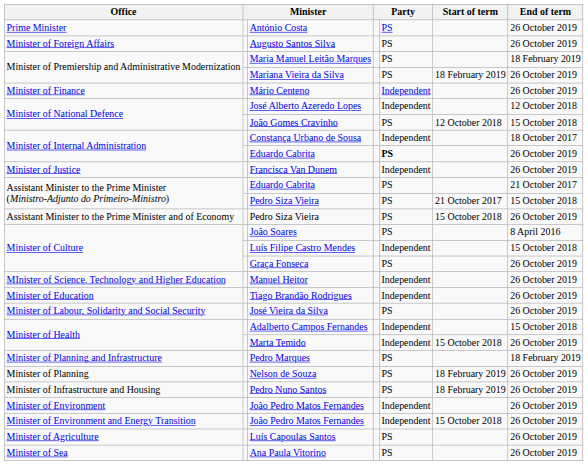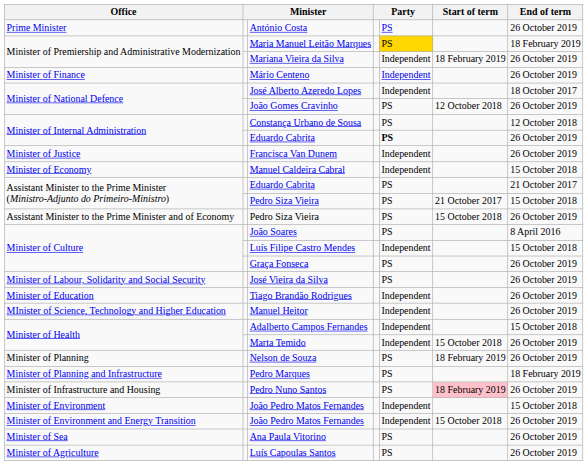 <table class="wikitable" style="font-size: 100%;">
 <tr>
 <th>Office</th>
 <th colspan="2">Minister</th>
 <th colspan="2">Party</th>
 <th>Start of term</th>
 <th>End of term</th>
 </tr>
 <tr>
 <td><a href='#'>Prime Minister</a></td>
 <td></td>
 <td><a href='#'>António Costa</a></td>
 <td width="2px" style="background:"></td>
 <td><a href='#'>PS</a></td>
 <td></td>
 <td>26 October 2019</td>
 </tr>
 <tr>
-<td><a href='#'>Minister of Foreign Affairs</a></td>
-<td></td>
-<td><a href='#'>Augusto Santos Silva</a></td>
-<td width="2px" style="background:"></td>
-<td>PS</td>
-<td></td>
-<td>26 October 2019</td>
-</tr>
-<tr>
 <td rowspan="2">Minister of Premiership and Administrative Modernization</td>
 <td></td>
 <td><a href='#'>Maria Manuel Leitão Marques</a></td>
 <td width="2px" style="background:"></td>
-<td>PS</td>
+<td style="background: gold;">PS</td>
 <td></td>
 <td>18 February 2019</td>
 </tr>
 <tr>
 <td></td>
 <td><a href='#'>Mariana Vieira da Silva</a></td>
 <td width="2px" style="background:"></td>
-<td>PS</td>
+<td>Independent</td>
 <td>18 February 2019</td>
 <td>26 October 2019</td>
 </tr>
 <tr>
 <td><a href='#'>Minister of Finance</a></td>
 <td></td>
 <td><a href='#'>Mário Centeno</a></td>
 <td width="2px" style="background:"></td>
 <td><a href='#'>Independent</a></td>
 <td></td>
 <td>26 October 2019</td>
 </tr>
 <tr>
 <td rowspan="2"><a href='#'>Minister of National Defence</a></td>
 <td></td>
 <td><a href='#'>José Alberto Azeredo Lopes</a></td>
 <td width="2px" style="background:"></td>
 <td>Independent</td>
 <td></td>
-<td>12 October 2018</td>
+<td>18 October 2017</td>
 </tr>
 <tr>
 <td></td>
 <td><a href='#'>João Gomes Cravinho</a></td>
 <td width="2px" style="background:"></td>
 <td>PS</td>
 <td>12 October 2018</td>
-<td>15 October 2018</td>
+<td>26 October 2019</td>
 </tr>
 <tr>
 <td rowspan="2"><a href='#'>Minister of Internal Administration</a></td>
 <td></td>
 <td><a href='#'>Constança Urbano de Sousa</a></td>
 <td width="2px" style="background:"></td>
-<td>Independent</td>
+<td>PS</td>
 <td></td>
-<td>18 October 2017</td>
+<td>12 October 2018</td>
 </tr>
 <tr>
 <td></td>
 <td><a href='#'>Eduardo Cabrita</a></td>
 <td width="2px" style="background:"></td>
 <td><strong>PS</strong></td>
 <td></td>
 <td>26 October 2019</td>
 </tr>
 <tr>
 <td><a href='#'>Minister of Justice</a></td>
 <td></td>
 <td><a href='#'>Francisca Van Dunem</a></td>
 <td width="2px" style="background:"></td>
 <td>Independent</td>
 <td></td>
 <td>26 October 2019</td>
+</tr>
+<tr>
+<td><a href='#'>Minister of Economy</a></td>
+<td></td>
+<td><a href='#'>Manuel Caldeira Cabral</a></td>
+<td width="2px" style="background:"></td>
+<td>Independent</td>
+<td></td>
+<td>15 October 2018</td>
 </tr>
 <tr>
 <td rowspan="2">Assistant Minister to the Prime Minister<br>(<em>Ministro-Adjunto do Primeiro-Ministro</em>) </td>
 <td></td>
 <td><a href='#'>Eduardo Cabrita</a></td>
 <td width="2px" style="background:"></td>
 <td>PS</td>
 <td></td>
 <td>21 October 2017</td>
 </tr>
 <tr>
 <td></td>
 <td><a href='#'>Pedro Siza Vieira</a></td>
 <td width="2px" style="background:"></td>
 <td>PS</td>
 <td>21 October 2017</td>
 <td>15 October 2018</td>
 </tr>
 <tr>
 <td>Assistant Minister to the Prime Minister and of Economy</td>
 <td></td>
 <td>Pedro Siza Vieira</td>
 <td width="2px" style="background:"></td>
 <td>PS</td>
 <td>15 October 2018</td>
 <td>26 October 2019</td>
 </tr>
 <tr>
 <td rowspan="3"><a href='#'>Minister of Culture</a></td>
 <td></td>
 <td><a href='#'>João Soares</a></td>
 <td width="2px" style="background:"></td>
 <td>PS</td>
 <td></td>
 <td>8 April 2016</td>
 </tr>
 <tr>
 <td></td>
 <td><a href='#'>Luís Filipe Castro Mendes</a></td>
 <td width="2px" style="background:"></td>
 <td>Independent</td>
 <td></td>
 <td>15 October 2018</td>
 </tr>
 <tr>
 <td></td>
 <td><a href='#'>Graça Fonseca</a></td>
 <td width="2px" style="background:"></td>
 <td>PS</td>
 <td></td>
 <td>26 October 2019</td>
 </tr>
 <tr>
-<td><a href='#'>MInister of Science, Technology and Higher Education</a></td>
+<td><a href='#'>Minister of Labour, Solidarity and Social Security</a></td>
 <td></td>
-<td><a href='#'>Manuel Heitor</a></td>
+<td><a href='#'>José  Vieira da Silva</a></td>
 <td width="2px" style="background:"></td>
-<td>Independent</td>
+<td>PS</td>
 <td></td>
 <td>26 October 2019</td>
 </tr>
 <tr>
 <td><a href='#'>Minister of Education</a></td>
 <td></td>
 <td><a href='#'>Tiago Brandão Rodrigues</a></td>
 <td width="2px" style="background:"></td>
 <td>Independent</td>
 <td></td>
 <td>26 October 2019</td>
 </tr>
 <tr>
-<td><a href='#'>Minister of Labour, Solidarity and Social Security</a></td>
+<td><a href='#'>MInister of Science, Technology and Higher Education</a></td>
 <td></td>
-<td><a href='#'>José  Vieira da Silva</a></td>
+<td><a href='#'>Manuel Heitor</a></td>
 <td width="2px" style="background:"></td>
-<td>PS</td>
+<td>Independent</td>
 <td></td>
 <td>26 October 2019</td>
 </tr>
 <tr>
 <td rowspan="2"><a href='#'>Minister of Health</a></td>
 <td></td>
 <td><a href='#'>Adalberto Campos Fernandes</a></td>
 <td width="2px" style="background:"></td>
 <td>Independent</td>
 <td></td>
 <td>15 October 2018</td>
 </tr>
 <tr>
 <td></td>
 <td><a href='#'>Marta Temido</a></td>
 <td width="2px" style="background:"></td>
 <td>Independent</td>
 <td>15 October 2018</td>
 <td>26 October 2019</td>
 </tr>
 <tr>
+<td>Minister of Planning</td>
+<td></td>
+<td><a href='#'>Nelson de Souza</a></td>
+<td width="2px" style="background:"></td>
+<td>PS</td>
+<td>18 February 2019</td>
+<td>26 October 2019</td>
+</tr>
+<tr>
 <td><a href='#'>Minister of Planning and Infrastructure</a></td>
 <td></td>
 <td><a href='#'>Pedro Marques</a></td>
 <td width="2px" style="background:"></td>
 <td>PS</td>
 <td></td>
 <td>18 February 2019</td>
 </tr>
 <tr>
-<td>Minister of Planning</td>
-<td></td>
-<td><a href='#'>Nelson de Souza</a></td>
-<td width="2px" style="background:"></td>
-<td>PS</td>
-<td>18 February 2019</td>
-<td>26 October 2019</td>
-</tr>
-<tr>
 <td>Minister of Infrastructure and Housing</td>
 <td></td>
 <td><a href='#'>Pedro Nuno Santos</a></td>
 <td width="2px" style="background:"></td>
 <td>PS</td>
-<td>18 February 2019</td>
+<td style="background: pink;">18 February 2019</td>
 <td>26 October 2019</td>
 </tr>
 <tr>
 <td><a href='#'>Minister of Environment</a></td>
 <td></td>
 <td><a href='#'>João Pedro Matos Fernandes</a></td>
 <td width="2px" style="background:"></td>
 <td>Independent</td>
 <td></td>
-<td>26 October 2019</td>
+<td>15 October 2018</td>
 </tr>
 <tr>
 <td><a href='#'>Minister of Environment and Energy Transition</a></td>
 <td></td>
 <td><a href='#'>João Pedro Matos Fernandes</a></td>
 <td width="2px" style="background:"></td>
 <td>Independent</td>
 <td>15 October 2018</td>
 <td>26 October 2019</td>
 </tr>
 <tr>
+<td><a href='#'>Minister of Sea</a></td>
+<td></td>
+<td><a href='#'>Ana Paula Vitorino</a></td>
+<td width="2px" style="background:"></td>
+<td>PS</td>
+<td></td>
+<td>26 October 2019</td>
+</tr>
+<tr>
 <td><a href='#'>Minister of Agriculture</a></td>
 <td></td>
 <td><a href='#'>Luís Capoulas Santos</a></td>
 <td width="2px" style="background:"></td>
 <td>PS</td>
 <td></td>
 <td>26 October 2019</td>
 </tr>
-<tr>
-<td><a href='#'>Minister of Sea</a></td>
-<td></td>
-<td><a href='#'>Ana Paula Vitorino</a></td>
-<td width="2px" style="background:"></td>
-<td>PS</td>
-<td></td>
-<td>26 October 2019</td>
-</tr>
 </table>
